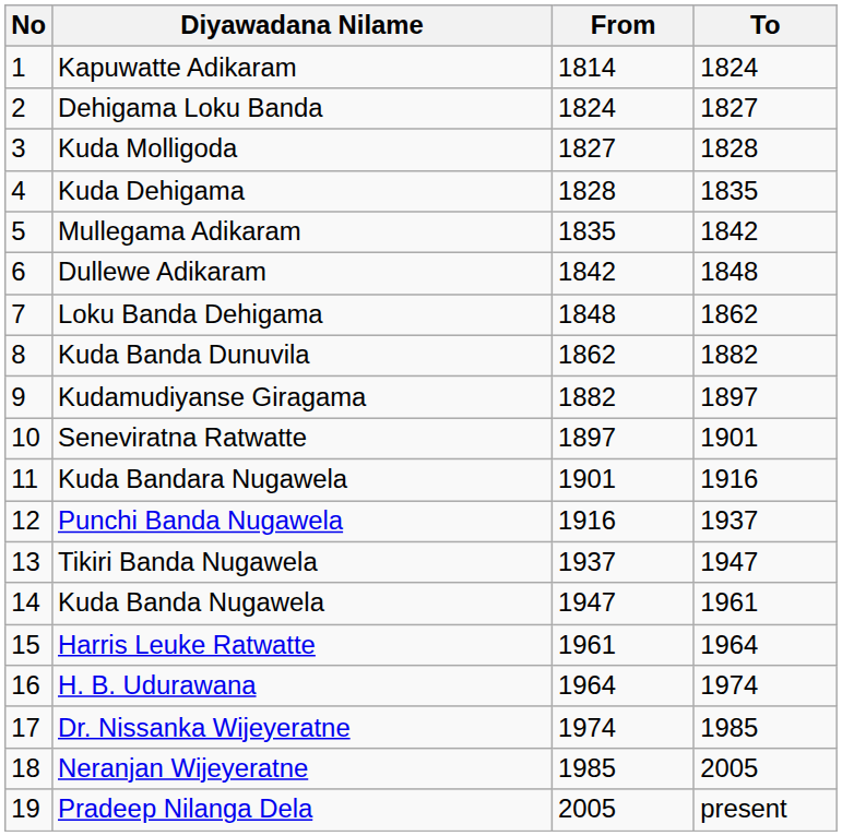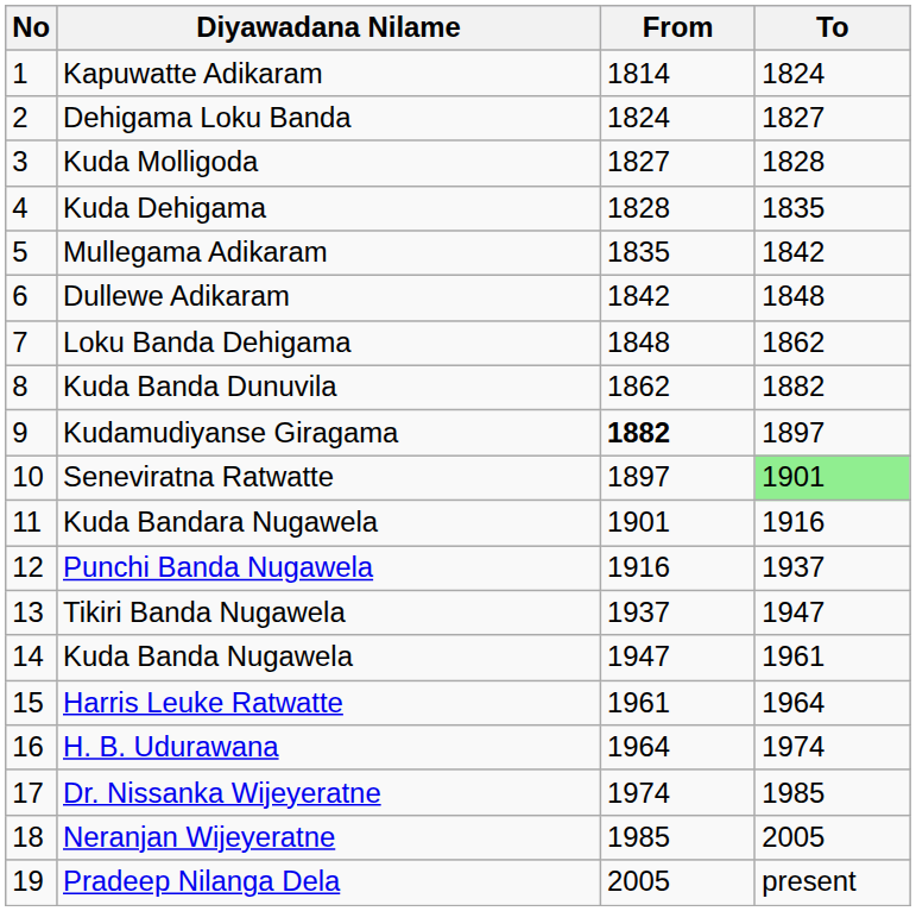 <table class="wikitable " border="1" style="border-collapse: collapse;">
 <tr bgcolor=lavender>
 <th>No</th>
 <th width=300px>Diyawadana Nilame</th>
 <th width=80px>From</th>
 <th width=80px>To</th>
 </tr>
 <tr>
 <td>1</td>
 <td>Kapuwatte Adikaram</td>
 <td>1814</td>
 <td>1824</td>
 </tr>
 <tr>
 <td>2</td>
 <td>Dehigama Loku Banda</td>
 <td>1824</td>
 <td>1827</td>
 </tr>
 <tr>
 <td>3</td>
 <td>Kuda Molligoda</td>
 <td>1827</td>
 <td>1828</td>
 </tr>
 <tr>
 <td>4</td>
 <td>Kuda Dehigama</td>
 <td>1828</td>
 <td>1835</td>
 </tr>
 <tr>
 <td>5</td>
 <td>Mullegama Adikaram</td>
 <td>1835</td>
 <td>1842</td>
 </tr>
 <tr>
 <td>6</td>
 <td>Dullewe Adikaram</td>
 <td>1842</td>
 <td>1848</td>
 </tr>
 <tr>
 <td>7</td>
 <td>Loku Banda Dehigama</td>
 <td>1848</td>
 <td>1862</td>
 </tr>
 <tr>
 <td>8</td>
 <td>Kuda Banda Dunuvila</td>
 <td>1862</td>
 <td>1882</td>
 </tr>
 <tr>
 <td>9</td>
 <td>Kudamudiyanse Giragama</td>
-<td>1882</td>
+<td><strong>1882</strong></td>
 <td>1897</td>
 </tr>
 <tr>
 <td>10</td>
 <td>Seneviratna Ratwatte</td>
 <td>1897</td>
-<td>1901</td>
+<td style="background: lightgreen;">1901</td>
 </tr>
 <tr>
 <td>11</td>
 <td>Kuda Bandara Nugawela</td>
 <td>1901</td>
 <td>1916</td>
 </tr>
 <tr>
 <td>12</td>
 <td><a href='#'>Punchi Banda Nugawela</a></td>
 <td>1916</td>
 <td>1937</td>
 </tr>
 <tr>
 <td>13</td>
 <td>Tikiri Banda Nugawela</td>
 <td>1937</td>
 <td>1947</td>
 </tr>
 <tr>
 <td>14</td>
 <td>Kuda Banda Nugawela</td>
 <td>1947</td>
 <td>1961</td>
 </tr>
 <tr>
 <td>15</td>
 <td><a href='#'>Harris Leuke Ratwatte</a></td>
 <td>1961</td>
 <td>1964</td>
 </tr>
 <tr>
 <td>16</td>
 <td><a href='#'>H. B. Udurawana</a></td>
 <td>1964</td>
 <td>1974</td>
 </tr>
 <tr>
 <td>17</td>
 <td><a href='#'>Dr. Nissanka Wijeyeratne</a></td>
 <td>1974</td>
 <td>1985</td>
 </tr>
 <tr>
 <td>18</td>
 <td><a href='#'>Neranjan Wijeyeratne</a></td>
 <td>1985</td>
 <td>2005</td>
 </tr>
 <tr>
 <td>19</td>
 <td><a href='#'>Pradeep Nilanga Dela</a></td>
 <td>2005</td>
 <td>present</td>
 </tr>
 <tr>
 </tr>
 </table>
